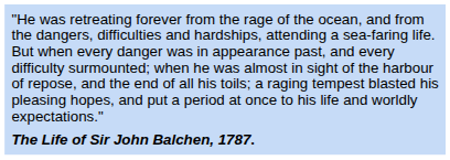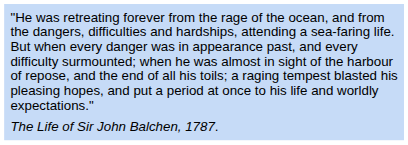 <table class="toccolours" style="float: right; margin-left: 2em; margin-right: 1em; font-size: 85%; background:#c6dbf7; color:black; width:30em; max-width: 40%;" cellspacing="5">
 <tr>
 <td style="text-align: left;">"He was retreating forever from the rage of the ocean, and from the dangers, difficulties and hardships, attending a sea-faring life. But when every danger was in appearance past, and every difficulty surmounted; when he was almost in sight of the harbour of repose, and the end of all his toils; a raging tempest blasted his pleasing hopes, and put a period at once to his life and worldly expectations."</td>
 </tr>
 <tr>
-<td style="text-align: left;"><strong><em>The Life of Sir John Balchen, 1787</em>.</strong></td>
+<td style="text-align: left;"><em>The Life of Sir John Balchen, 1787</em>.</td>
 </tr>
 </table>
